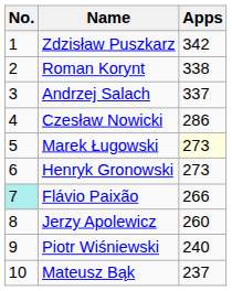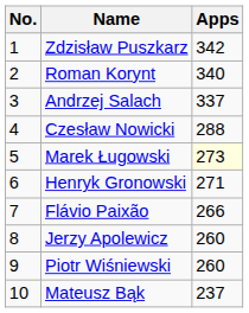 <table class="wikitable" style="display: inline-table;">
 <tr>
 <th>No.</th>
 <th>Name</th>
 <th>Apps</th>
 </tr>
 <tr>
 <td>1</td>
 <td><a href='#'>Zdzisław Puszkarz</a></td>
 <td>342</td>
 </tr>
 <tr>
 <td>2</td>
 <td><a href='#'>Roman Korynt</a></td>
-<td>338</td>
+<td>340</td>
 </tr>
 <tr>
 <td>3</td>
 <td><a href='#'>Andrzej Salach</a></td>
 <td>337</td>
 </tr>
 <tr>
 <td>4</td>
 <td><a href='#'>Czesław Nowicki</a></td>
-<td>286</td>
+<td>288</td>
 </tr>
 <tr>
 <td>5</td>
 <td><a href='#'>Marek Ługowski</a></td>
 <td style="background: lightyellow;">273</td>
 </tr>
 <tr>
 <td>6</td>
 <td><a href='#'>Henryk Gronowski</a></td>
-<td>273</td>
+<td>271</td>
 </tr>
 <tr>
-<td style="background: paleturquoise;">7</td>
+<td>7</td>
 <td><a href='#'>Flávio Paixão</a></td>
 <td>266</td>
 </tr>
 <tr>
 <td>8</td>
 <td><a href='#'>Jerzy Apolewicz</a></td>
 <td>260</td>
 </tr>
 <tr>
 <td>9</td>
 <td><a href='#'>Piotr Wiśniewski</a></td>
-<td>240</td>
+<td>260</td>
 </tr>
 <tr>
 <td>10</td>
 <td><a href='#'>Mateusz Bąk</a></td>
 <td>237</td>
 </tr>
 </table>
